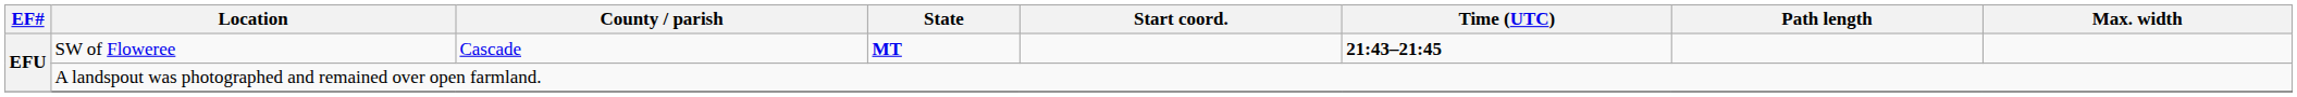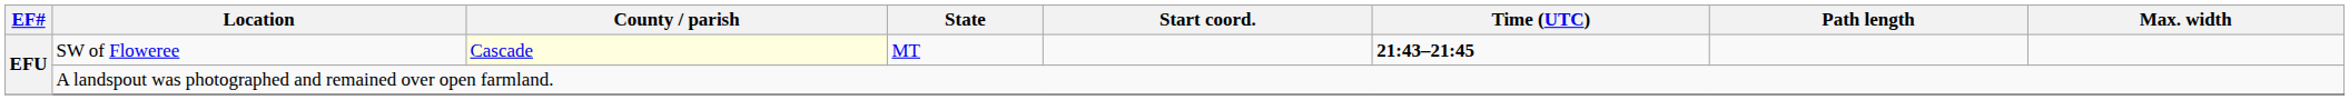 <table class="wikitable sortable" style="width:100%;">
 <tr>
 <th scope="col" width="2%" align="center"><a href='#'>EF#</a></th>
 <th scope="col" align="center" class="unsortable">Location</th>
 <th scope="col" align="center" class="unsortable">County / parish</th>
 <th scope="col" align="center">State</th>
 <th scope="col" align="center">Start coord.</th>
 <th scope="col" align="center">Time (<a href='#'>UTC</a>)</th>
 <th scope="col" align="center">Path length</th>
 <th scope="col" align="center">Max. width</th>
 </tr>
 <tr>
 <th scope="row" rowspan="2" style="background-color:#">EFU</th>
 <td>SW of <a href='#'>Floweree</a></td>
-<td><a href='#'>Cascade</a></td>
-<td><strong><a href='#'>MT</a></strong></td>
+<td style="background: lightyellow;"><a href='#'>Cascade</a></td>
+<td><a href='#'>MT</a></td>
 <td></td>
 <td><strong>21:43–21:45</strong></td>
 <td></td>
 <td></td>
 </tr>
 <tr class="expand-child">
 <td colspan="8" style=" border-bottom: 1px solid black;">A landspout was photographed and remained over open farmland.</td>
 </tr>
 <tr>
 </tr>
 </table>
